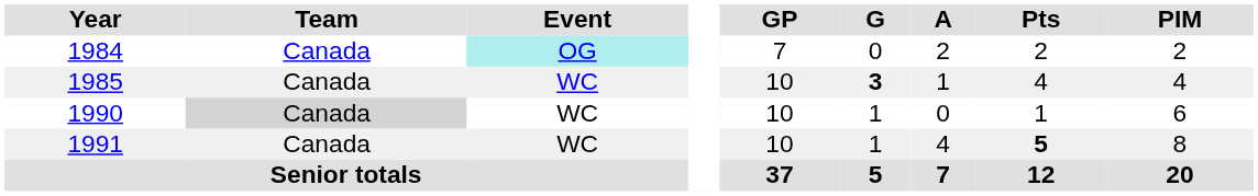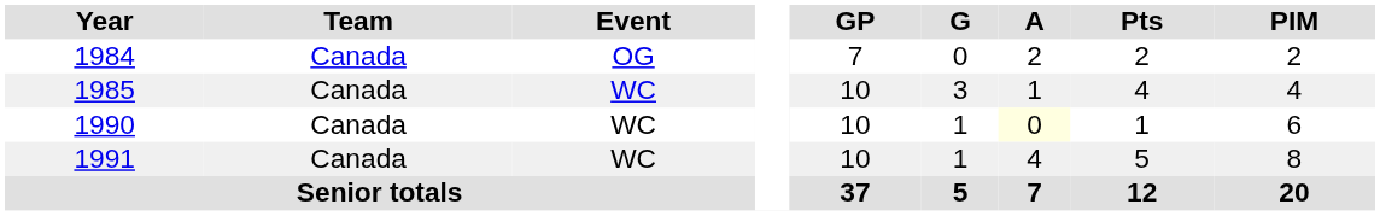 <table border="0" cellpadding="1" cellspacing="0" style="text-align:center; width:50em">
 <tr ALIGN="center" bgcolor="#e0e0e0">
 <th>Year</th>
 <th>Team</th>
 <th>Event</th>
 <th rowspan="99" bgcolor="#ffffff"> </th>
 <th>GP</th>
 <th>G</th>
 <th>A</th>
 <th>Pts</th>
 <th>PIM</th>
 </tr>
 <tr>
 <td><a href='#'>1984</a></td>
 <td><a href='#'>Canada</a></td>
-<td style="background: paleturquoise;"><a href='#'>OG</a></td>
+<td><a href='#'>OG</a></td>
 <td>7</td>
 <td>0</td>
 <td>2</td>
 <td>2</td>
 <td>2</td>
 </tr>
 <tr bgcolor="#f0f0f0">
 <td><a href='#'>1985</a></td>
 <td>Canada</td>
 <td><a href='#'>WC</a></td>
 <td>10</td>
-<td><strong>3</strong></td>
+<td>3</td>
 <td>1</td>
 <td>4</td>
 <td>4</td>
 </tr>
 <tr>
 <td><a href='#'>1990</a></td>
-<td style="background: lightgrey;">Canada</td>
+<td>Canada</td>
 <td>WC</td>
 <td>10</td>
 <td>1</td>
-<td>0</td>
+<td style="background: lightyellow;">0</td>
 <td>1</td>
 <td>6</td>
 </tr>
 <tr bgcolor="#f0f0f0">
 <td><a href='#'>1991</a></td>
 <td>Canada</td>
 <td>WC</td>
 <td>10</td>
 <td>1</td>
 <td>4</td>
-<td><strong>5</strong></td>
+<td>5</td>
 <td>8</td>
 </tr>
 <tr bgcolor="#e0e0e0">
 <th colspan=3>Senior totals</th>
 <th>37</th>
 <th>5</th>
 <th>7</th>
 <th>12</th>
 <th>20</th>
 </tr>
 </table>
